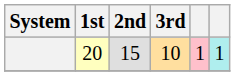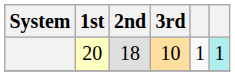 <table class="wikitable" style="font-size:85%; text-align:center;">
 <tr>
 <th>System</th>
 <th>1st</th>
 <th>2nd</th>
 <th>3rd</th>
 <th></th>
 <th></th>
 </tr>
 <tr>
 <th></th>
 <td style="background:#ffffbf;">20</td>
-<td style="background:#dfdfdf;">15</td>
+<td style="background:#dfdfdf;">18</td>
 <td style="background:#ffdf9f;">10</td>
-<td style="background: pink;">1</td>
+<td>1</td>
 <td style="background: paleturquoise;">1</td>
 </tr>
 <tr>
 </tr>
 </table>
